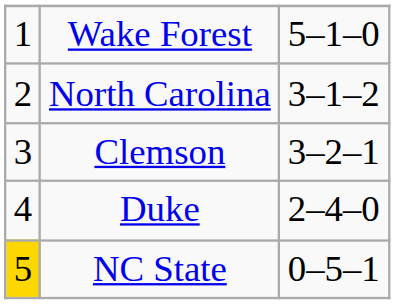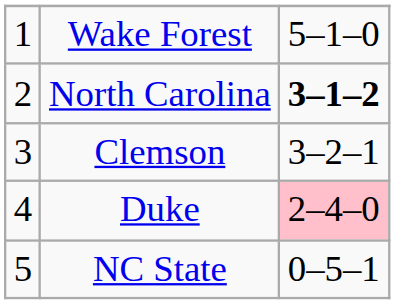 <table class="wikitable" style="display: inline-table;">
 <tr align="center">
 </tr>
 <tr align="center">
 <td>1</td>
 <td><a href='#'>Wake Forest</a></td>
 <td>5–1–0</td>
 </tr>
 <tr align="center">
 <td>2</td>
 <td><a href='#'>North Carolina</a></td>
-<td>3–1–2</td>
+<td><strong>3–1–2</strong></td>
 </tr>
 <tr align="center">
 <td>3</td>
 <td><a href='#'>Clemson</a></td>
 <td>3–2–1</td>
 </tr>
 <tr align="center">
 <td>4</td>
 <td><a href='#'>Duke</a></td>
-<td>2–4–0</td>
+<td style="background: pink;">2–4–0</td>
 </tr>
 <tr align="center">
-<td style="background: gold;">5</td>
+<td>5</td>
 <td><a href='#'>NC State</a></td>
 <td>0–5–1</td>
 </tr>
 </table>
